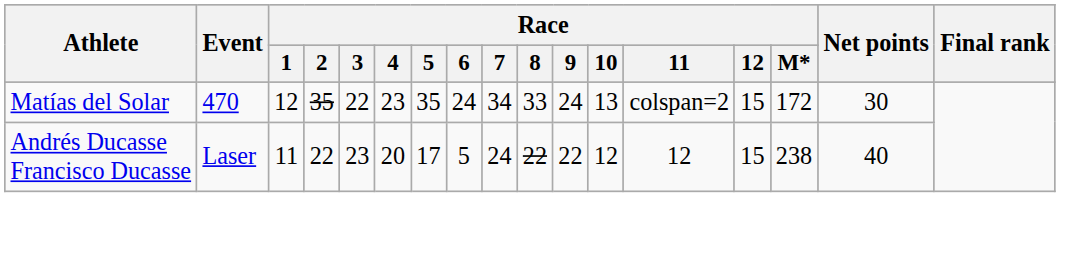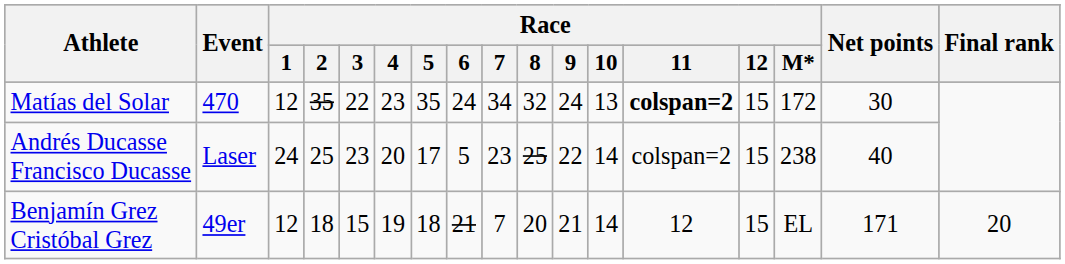 <table class="wikitable" style="font-size:90%">
 <tr>
 <th rowspan="2">Athlete</th>
 <th rowspan="2">Event</th>
 <th colspan=13>Race</th>
 <th rowspan=2>Net points</th>
 <th rowspan=2>Final rank</th>
 </tr>
 <tr style="font-size:95%">
 <th>1</th>
 <th>2</th>
 <th>3</th>
 <th>4</th>
 <th>5</th>
 <th>6</th>
 <th>7</th>
 <th>8</th>
 <th>9</th>
 <th>10</th>
 <th>11</th>
 <th>12</th>
 <th>M*</th>
 </tr>
 <tr align=center>
 <td align=left><a href='#'>Matías del Solar</a></td>
 <td align=left><a href='#'>470</a></td>
 <td>12</td>
 <td><s>35</s></td>
 <td>22</td>
 <td>23</td>
 <td>35</td>
 <td>24</td>
 <td>34</td>
-<td>33</td>
+<td>32</td>
 <td>24</td>
 <td>13</td>
-<td>colspan=2 </td>
+<td><strong>colspan=2 </strong></td>
 <td>15</td>
 <td>172</td>
 <td>30</td>
 </tr>
 <tr align=center>
 <td align=left><a href='#'>Andrés Ducasse</a><br><a href='#'>Francisco Ducasse</a></td>
 <td align=left><a href='#'>Laser</a></td>
-<td>11</td>
-<td>22</td>
+<td>24</td>
+<td>25</td>
 <td>23</td>
 <td>20</td>
 <td>17</td>
 <td>5</td>
-<td>24</td>
-<td><s>22</s></td>
+<td>23</td>
+<td><s>25</s></td>
 <td>22</td>
-<td>12</td>
-<td>12</td>
+<td>14</td>
+<td>colspan=2 </td>
 <td>15</td>
 <td>238</td>
 <td>40</td>
 </tr>
+<tr align=center>
+<td align=left><a href='#'>Benjamín Grez</a><br><a href='#'>Cristóbal Grez</a></td>
+<td align=left><a href='#'>49er</a></td>
+<td>12</td>
+<td>18</td>
+<td>15</td>
+<td>19</td>
+<td>18</td>
+<td><s>21</s></td>
+<td>7</td>
+<td>20</td>
+<td>21</td>
+<td>14</td>
+<td>12</td>
+<td>15</td>
+<td>EL</td>
+<td>171</td>
+<td>20</td>
+</tr>
 </table>
